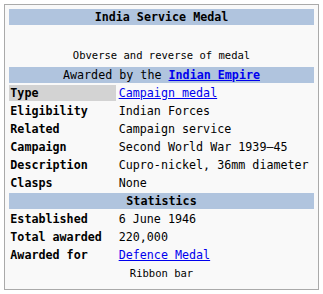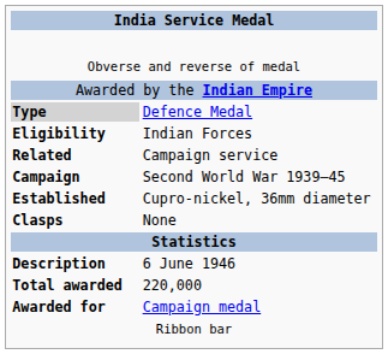 <table class="infobox" style="width: 315px; border-spacing: 2px; text-align: left; font-size: 90%;">
 <tr>
 <th colspan="2" style="background-color: #B0C4DE; text-align: center; vertical-align: middle;">India Service Medal</th>
 </tr>
 <tr>
 <td colspan="2" style="text-align: center; font-size: 90%; line-height: 1.5em;"><br></td>
 </tr>
 <tr>
 <td colspan="2" style="text-align: center; font-size: 90%; line-height: 1.5em;"><div>Obverse and reverse of medal</div></td>
 </tr>
 <tr>
 <td colspan="2" style="background-color: #B0C4DE; text-align: center; vertical-align: middle;">Awarded by the <strong><a href='#'>Indian Empire</a></strong></td>
 </tr>
 <tr>
 <td style="background: lightgrey; padding-right:1em; font-weight:bold">Type</td>
-<td><a href='#'>Campaign medal</a></td>
+<td><a href='#'>Defence Medal</a></td>
 </tr>
 <tr>
 <td style="padding-right:1em; font-weight:bold">Eligibility</td>
 <td>Indian Forces</td>
 </tr>
 <tr>
 <td style="padding-right:1em; font-weight:bold">Related</td>
 <td>Campaign service</td>
 </tr>
 <tr>
 <td style="padding-right:1em; font-weight:bold">Campaign</td>
 <td>Second World War 1939–45</td>
 </tr>
 <tr>
-<td style="padding-right:1em; font-weight:bold">Description</td>
+<td style="padding-right:1em; font-weight:bold">Established</td>
 <td>Cupro-nickel, 36mm diameter</td>
 </tr>
 <tr>
 <td style="padding-right:1em; font-weight:bold">Clasps</td>
 <td>None</td>
 </tr>
 <tr>
 <th colspan="2" style="background-color: #B0C4DE; text-align: center; vertical-align: middle;">Statistics</th>
 </tr>
 <tr>
-<td style="padding-right:1em; font-weight:bold">Established</td>
+<td style="padding-right:1em; font-weight:bold">Description</td>
 <td>6 June 1946</td>
 </tr>
 <tr>
 <td style="padding-right:1em; font-weight:bold">Total awarded</td>
 <td>220,000</td>
 </tr>
 <tr>
 <td style="padding-right:1em; font-weight:bold">Awarded for</td>
-<td><a href='#'>Defence Medal</a></td>
+<td><a href='#'>Campaign medal</a></td>
 </tr>
 <tr>
 <td colspan="2" style="text-align: center; font-size: 90%; line-height: 1.5em;"><div><div></div>Ribbon bar</div></td>
 </tr>
 <tr>
 </tr>
 </table>
